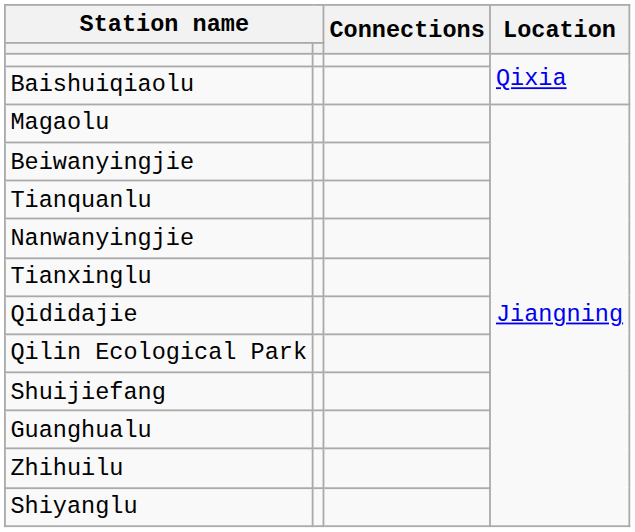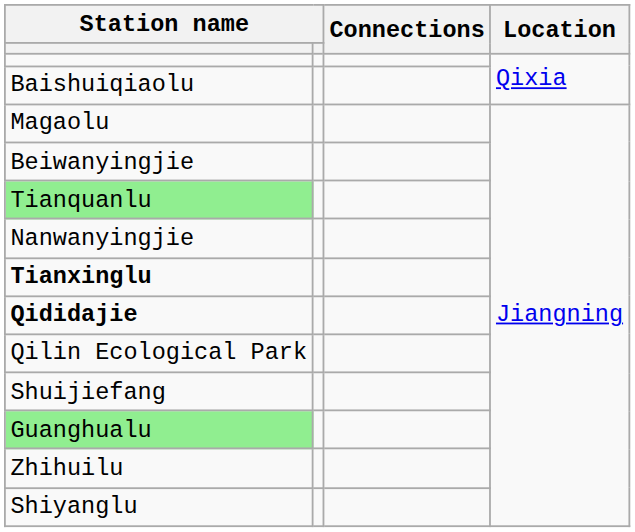 <table class="wikitable">
 <tr>
 <th colspan="2">Station name</th>
 <th rowspan="2">Connections</th>
 <th rowspan="2">Location</th>
 </tr>
 <tr>
 <th></th>
 <th></th>
 </tr>
 <tr>
 <td></td>
 <td></td>
 <td> </td>
 <td rowspan="2"><a href='#'>Qixia</a></td>
 </tr>
 <tr>
 <td>Baishuiqiaolu</td>
 <td></td>
 <td></td>
 </tr>
 <tr>
 <td>Magaolu</td>
 <td></td>
 <td></td>
 <td rowspan="11"><a href='#'>Jiangning</a></td>
 </tr>
 <tr>
 <td>Beiwanyingjie</td>
 <td></td>
 <td></td>
 </tr>
 <tr>
-<td>Tianquanlu</td>
+<td style="background: lightgreen;">Tianquanlu</td>
 <td></td>
 <td></td>
 </tr>
 <tr>
 <td>Nanwanyingjie</td>
 <td></td>
 <td></td>
 </tr>
 <tr>
-<td>Tianxinglu</td>
+<td><strong>Tianxinglu</strong></td>
 <td></td>
 <td></td>
 </tr>
 <tr>
-<td>Qididajie</td>
+<td><strong>Qididajie</strong></td>
 <td></td>
 <td></td>
 </tr>
 <tr>
 <td>Qilin Ecological Park</td>
 <td></td>
 <td></td>
 </tr>
 <tr>
 <td>Shuijiefang</td>
 <td></td>
 <td></td>
 </tr>
 <tr>
-<td>Guanghualu</td>
+<td style="background: lightgreen;">Guanghualu</td>
 <td></td>
 <td></td>
 </tr>
 <tr>
 <td>Zhihuilu</td>
 <td></td>
 <td></td>
 </tr>
 <tr>
 <td>Shiyanglu</td>
 <td></td>
 <td></td>
 </tr>
 </table>
